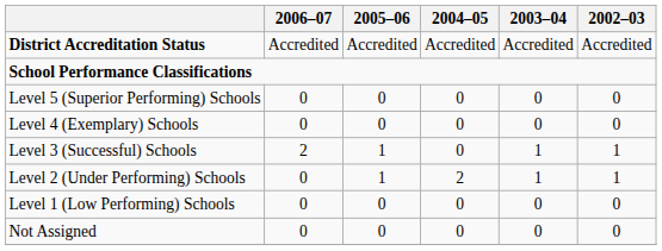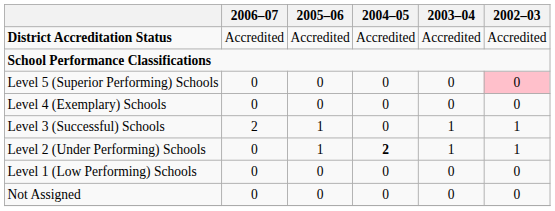 <table class="wikitable" style="font-size: 95%;">
 <tr>
 <th></th>
 <th>2006–07</th>
 <th>2005–06</th>
 <th>2004–05</th>
 <th>2003–04</th>
 <th>2002–03</th>
 </tr>
 <tr>
 <td align="left"><strong>District Accreditation Status</strong></td>
 <td align="center">Accredited</td>
 <td align="center">Accredited</td>
 <td align="center">Accredited</td>
 <td align="center">Accredited</td>
 <td align="center">Accredited</td>
 </tr>
 <tr>
 <td align="left" colspan="6"><strong>School Performance Classifications</strong></td>
 </tr>
 <tr>
 <td align="left">Level 5 (Superior Performing) Schools</td>
 <td align="center">0</td>
 <td align="center">0</td>
 <td align="center">0</td>
 <td align="center">0</td>
-<td align="center">0</td>
+<td align="center" style="background: pink;">0</td>
 </tr>
 <tr>
 <td align="left">Level 4 (Exemplary) Schools</td>
 <td align="center">0</td>
 <td align="center">0</td>
 <td align="center">0</td>
 <td align="center">0</td>
 <td align="center">0</td>
 </tr>
 <tr>
 <td align="left">Level 3 (Successful) Schools</td>
 <td align="center">2</td>
 <td align="center">1</td>
 <td align="center">0</td>
 <td align="center">1</td>
 <td align="center">1</td>
 </tr>
 <tr>
 <td align="left">Level 2 (Under Performing) Schools</td>
 <td align="center">0</td>
 <td align="center">1</td>
-<td align="center">2</td>
+<td align="center"><strong>2</strong></td>
 <td align="center">1</td>
 <td align="center">1</td>
 </tr>
 <tr>
 <td align="left">Level 1 (Low Performing) Schools</td>
 <td align="center">0</td>
 <td align="center">0</td>
 <td align="center">0</td>
 <td align="center">0</td>
 <td align="center">0</td>
 </tr>
 <tr>
 <td align="left">Not Assigned</td>
 <td align="center">0</td>
 <td align="center">0</td>
 <td align="center">0</td>
 <td align="center">0</td>
 <td align="center">0</td>
 </tr>
 <tr>
 </tr>
 </table>
